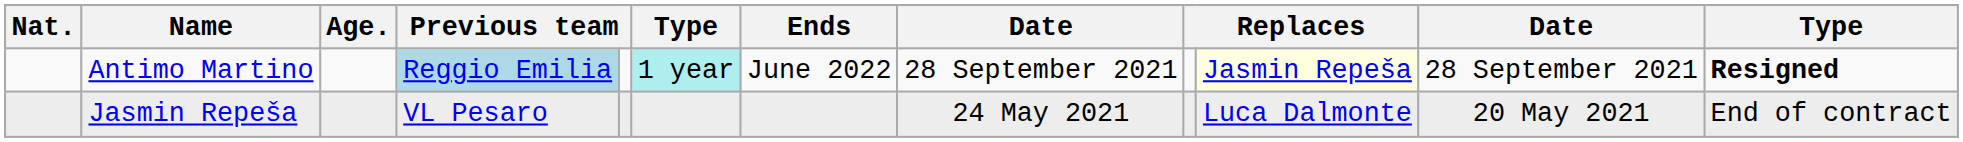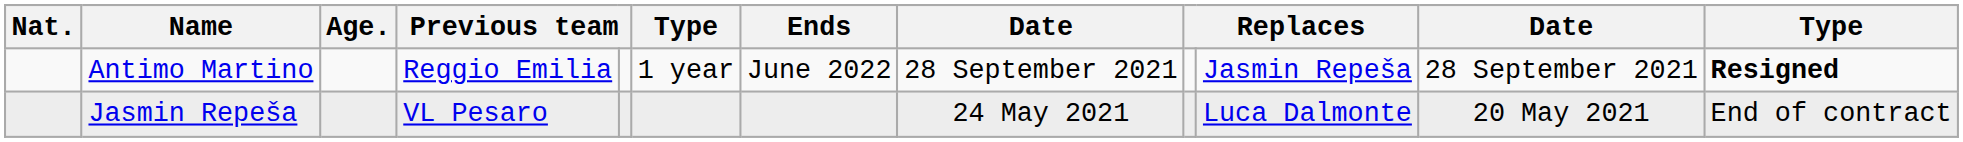 <table class="wikitable sortable">
 <tr>
 <th>Nat.</th>
 <th>Name</th>
 <th>Age.</th>
 <th colspan=2>Previous team</th>
 <th>Type</th>
 <th>Ends</th>
 <th>Date</th>
 <th colspan=2>Replaces</th>
 <th>Date</th>
 <th>Type</th>
 </tr>
 <tr>
 <td style="text-align: center;"></td>
 <td><a href='#'>Antimo Martino</a></td>
 <td style="text-align: center;"></td>
-<td style="background: lightblue;"><a href='#'>Reggio Emilia</a></td>
+<td><a href='#'>Reggio Emilia</a></td>
 <td style="text-align: center;"></td>
-<td style="background: paleturquoise;">1 year</td>
+<td>1 year</td>
 <td>June 2022</td>
 <td>28 September 2021</td>
 <td style="text-align: center;"></td>
-<td style="background: lightyellow;"><a href='#'>Jasmin Repeša</a></td>
+<td><a href='#'>Jasmin Repeša</a></td>
 <td style="text-align: center;">28 September 2021</td>
 <td><strong>Resigned</strong></td>
 </tr>
 <tr style="background-color: #ededed;">
 <td style="text-align: center;"></td>
 <td><a href='#'>Jasmin Repeša</a></td>
 <td style="text-align: center;"></td>
 <td><a href='#'>VL Pesaro</a></td>
 <td style="text-align: center;"></td>
 <td style="text-align: center;"></td>
 <td style="text-align: center;"></td>
 <td style="text-align: center;">24 May 2021</td>
 <td style="text-align: center;"></td>
 <td><a href='#'>Luca Dalmonte</a></td>
 <td style="text-align: center;">20 May 2021</td>
 <td>End of contract</td>
 </tr>
 </table>
